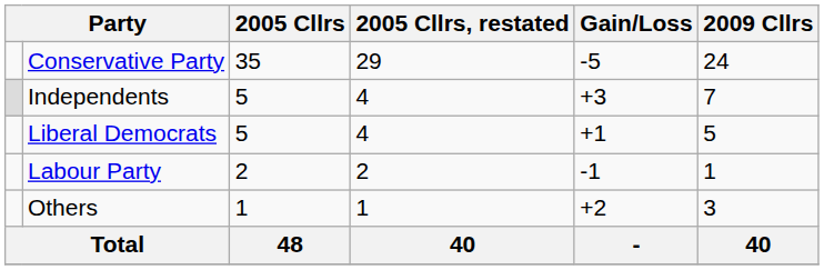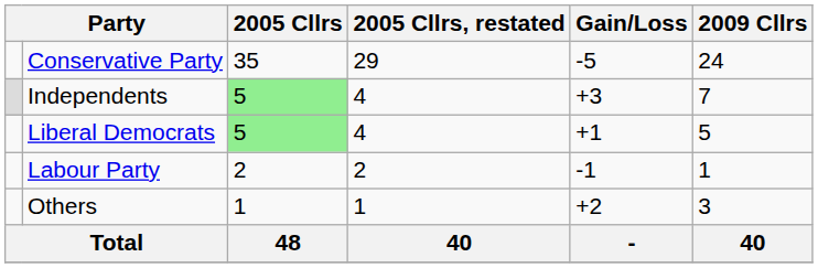 <table class="wikitable">
 <tr>
 <th colspan="2">Party</th>
 <th>2005 Cllrs</th>
 <th>2005 Cllrs, restated </th>
 <th>Gain/Loss</th>
 <th>2009 Cllrs</th>
 </tr>
 <tr>
 <td></td>
 <td><a href='#'>Conservative Party</a></td>
 <td>35</td>
 <td>29</td>
 <td>-5</td>
 <td>24</td>
 </tr>
 <tr>
 <td bgcolor="gainsboro"> </td>
 <td>Independents</td>
-<td>5</td>
+<td style="background: lightgreen;">5</td>
 <td>4</td>
 <td>+3</td>
 <td>7</td>
 </tr>
 <tr>
 <td></td>
 <td><a href='#'>Liberal Democrats</a></td>
-<td>5</td>
+<td style="background: lightgreen;">5</td>
 <td>4</td>
 <td>+1</td>
 <td>5</td>
 </tr>
 <tr>
 <td></td>
 <td><a href='#'>Labour Party</a></td>
 <td>2</td>
 <td>2</td>
 <td>-1</td>
 <td>1</td>
 </tr>
 <tr>
 <td> </td>
 <td>Others </td>
 <td>1</td>
 <td>1</td>
 <td>+2</td>
 <td>3</td>
 </tr>
 <tr>
 <th colspan="2">Total</th>
 <th>48</th>
 <th>40</th>
 <th>-</th>
 <th>40</th>
 </tr>
 <tr>
 </tr>
 </table>
